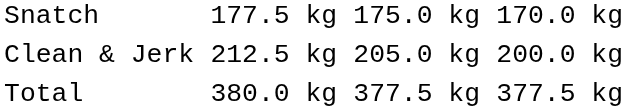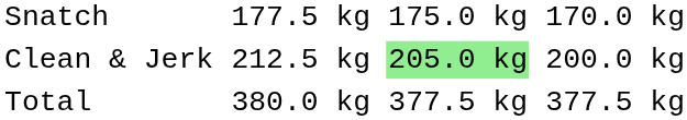 <table>
 <tr>
 <td>Snatch</td>
 <td></td>
 <td>177.5 kg</td>
 <td></td>
 <td>175.0 kg</td>
 <td></td>
 <td>170.0 kg</td>
 </tr>
 <tr>
 <td>Clean & Jerk</td>
 <td></td>
 <td>212.5 kg</td>
 <td></td>
-<td>205.0 kg</td>
+<td style="background: lightgreen;">205.0 kg</td>
 <td></td>
 <td>200.0 kg</td>
 </tr>
 <tr>
 <td>Total</td>
 <td></td>
 <td>380.0 kg</td>
 <td></td>
 <td>377.5 kg</td>
 <td></td>
 <td>377.5 kg</td>
 </tr>
 </table>
